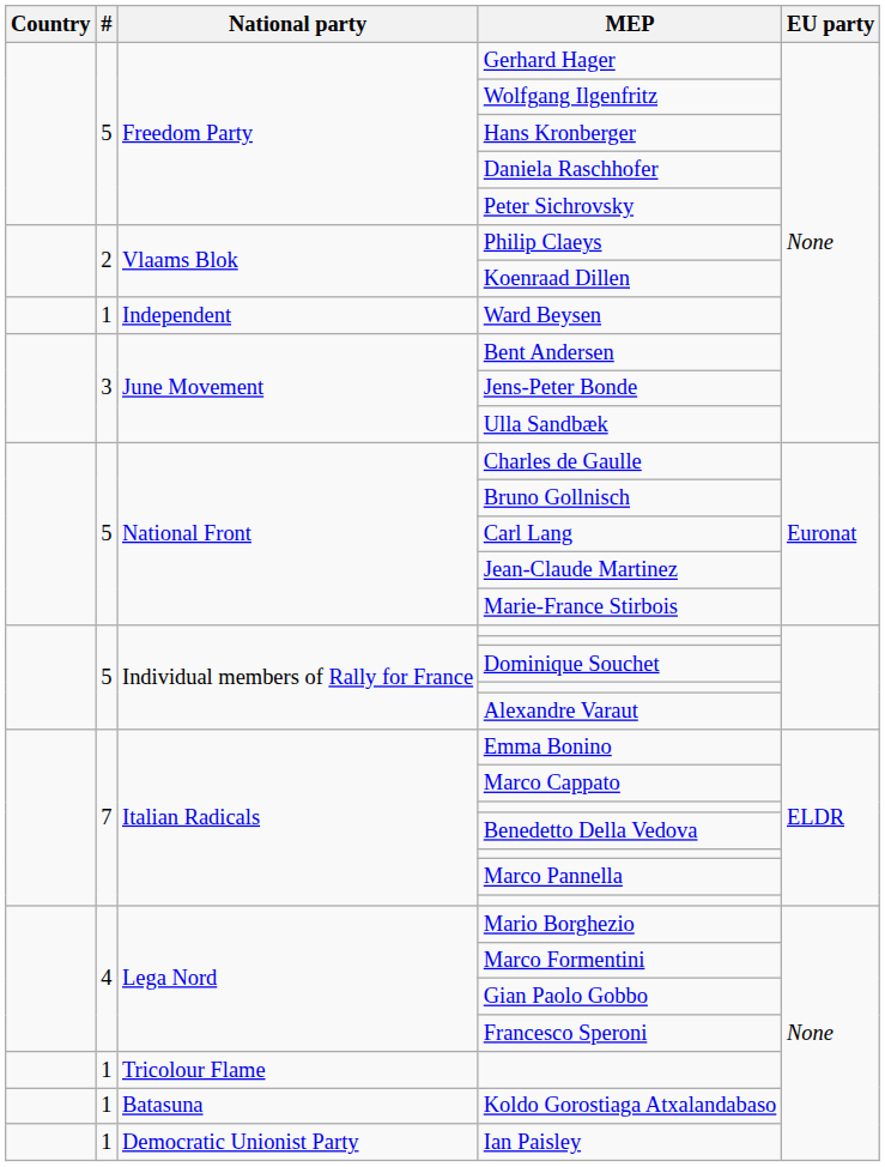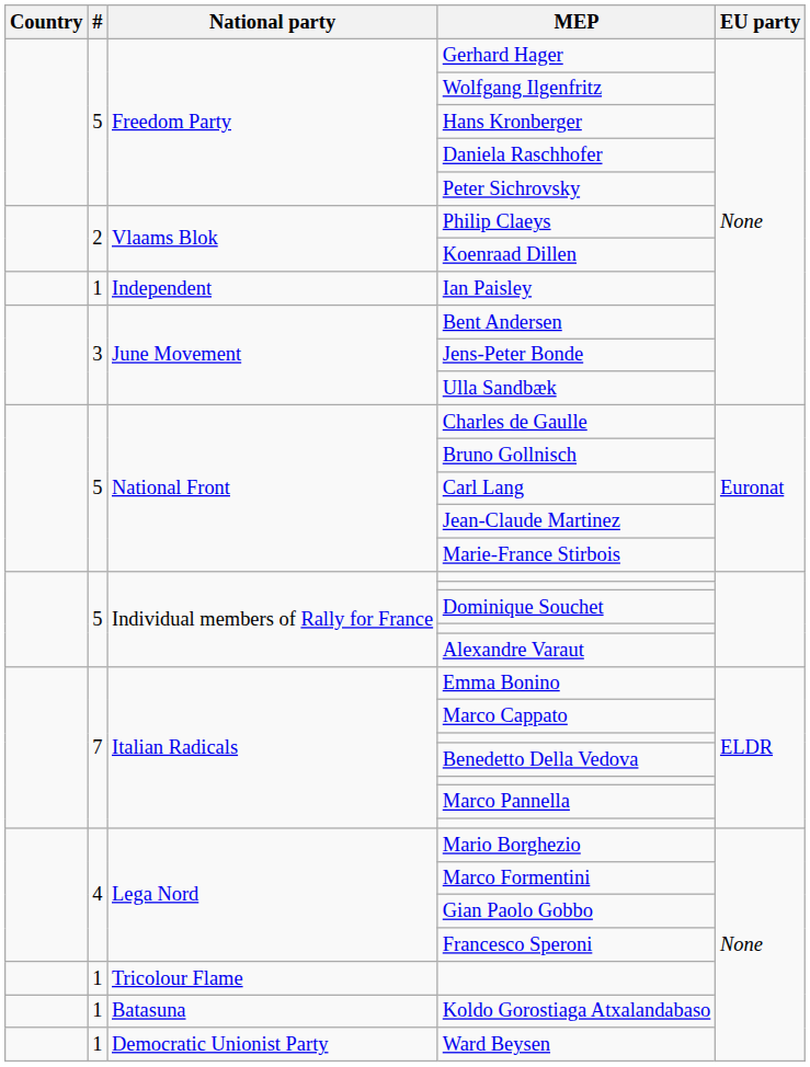 <table class="wikitable sortable mw-collapsible mw-collapsed" style="font-size:90%">
 <tr>
 <th>Country</th>
 <th colspan=2>#</th>
 <th>National party</th>
 <th>MEP</th>
 <th>EU party</th>
 </tr>
 <tr>
 <td rowspan=5></td>
 <td colspan=2 rowspan=5>5</td>
 <td rowspan=5><a href='#'>Freedom Party</a></td>
 <td><a href='#'>Gerhard Hager</a></td>
 <td rowspan=11><em>None</em></td>
 </tr>
 <tr>
 <td><a href='#'>Wolfgang Ilgenfritz</a></td>
 </tr>
 <tr>
 <td><a href='#'>Hans Kronberger</a></td>
 </tr>
 <tr>
 <td><a href='#'>Daniela Raschhofer</a></td>
 </tr>
 <tr>
 <td><a href='#'>Peter Sichrovsky</a></td>
 </tr>
 <tr>
 <td rowspan=2></td>
 <td rowspan=2 colspan=2>2</td>
 <td rowspan=2><a href='#'>Vlaams Blok</a></td>
 <td><a href='#'>Philip Claeys</a></td>
 </tr>
 <tr>
 <td><a href='#'>Koenraad Dillen</a></td>
 </tr>
 <tr>
 <td></td>
 <td colspan=2>1</td>
 <td><a href='#'>Independent</a></td>
-<td><a href='#'>Ward Beysen</a></td>
+<td><a href='#'>Ian Paisley</a></td>
 </tr>
 <tr>
 <td rowspan=3></td>
 <td rowspan=3 colspan=2>3</td>
 <td rowspan =3><a href='#'>June Movement</a></td>
 <td><a href='#'>Bent Andersen</a></td>
 </tr>
 <tr>
 <td><a href='#'>Jens-Peter Bonde</a></td>
 </tr>
 <tr>
 <td><a href='#'>Ulla Sandbæk</a></td>
 </tr>
 <tr>
 <td rowspan=5></td>
 <td rowspan=5 colspan=2>5</td>
 <td rowspan=5><a href='#'>National Front</a></td>
 <td><a href='#'>Charles de Gaulle</a></td>
 <td rowspan=5><a href='#'>Euronat</a></td>
 </tr>
 <tr>
 <td><a href='#'>Bruno Gollnisch</a></td>
 </tr>
 <tr>
 <td><a href='#'>Carl Lang</a></td>
 </tr>
 <tr>
 <td><a href='#'>Jean-Claude Martinez</a></td>
 </tr>
 <tr>
 <td><a href='#'>Marie-France Stirbois</a></td>
 </tr>
 <tr>
 <td rowspan=5></td>
 <td rowspan=5 colspan=2>5</td>
 <td rowspan=5>Individual members of <a href='#'>Rally for France</a></td>
 <td></td>
 <td rowspan=5></td>
 </tr>
 <tr>
 <td></td>
 </tr>
 <tr>
 <td><a href='#'>Dominique Souchet</a></td>
 </tr>
 <tr>
 <td></td>
 </tr>
 <tr>
 <td><a href='#'>Alexandre Varaut</a></td>
 </tr>
 <tr>
 <td rowspan=7></td>
 <td rowspan=7 colspan=2>7</td>
 <td rowspan=7><a href='#'>Italian Radicals</a></td>
 <td><a href='#'>Emma Bonino</a></td>
 <td rowspan=7><a href='#'>ELDR</a></td>
 </tr>
 <tr>
 <td><a href='#'>Marco Cappato</a></td>
 </tr>
 <tr>
 <td></td>
 </tr>
 <tr>
 <td><a href='#'>Benedetto Della Vedova</a></td>
 </tr>
 <tr>
 <td></td>
 </tr>
 <tr>
 <td><a href='#'>Marco Pannella</a></td>
 </tr>
 <tr>
 <td></td>
 </tr>
 <tr>
 <td rowspan=4></td>
 <td rowspan=4 colspan=2>4</td>
 <td rowspan=4><a href='#'>Lega Nord</a></td>
 <td><a href='#'>Mario Borghezio</a></td>
 <td rowspan=7><em>None</em></td>
 </tr>
 <tr>
 <td><a href='#'>Marco Formentini</a></td>
 </tr>
 <tr>
 <td><a href='#'>Gian Paolo Gobbo</a></td>
 </tr>
 <tr>
 <td><a href='#'>Francesco Speroni</a></td>
 </tr>
 <tr>
 <td></td>
 <td colspan=2>1</td>
 <td><a href='#'>Tricolour Flame</a></td>
 <td></td>
 </tr>
 <tr>
 <td></td>
 <td colspan=2>1</td>
 <td><a href='#'>Batasuna</a></td>
 <td><a href='#'>Koldo Gorostiaga Atxalandabaso</a></td>
 </tr>
 <tr>
 <td></td>
 <td colspan=2>1</td>
 <td><a href='#'>Democratic Unionist Party</a></td>
-<td><a href='#'>Ian Paisley</a></td>
+<td><a href='#'>Ward Beysen</a></td>
 </tr>
 </table>
